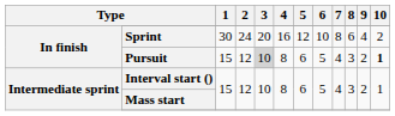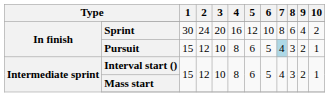 <table class="wikitable plainrowheaders" style="text-align: center">
 <tr>
 <th scope="col" colspan="2">Type</th>
 <th scope="col">1</th>
 <th scope="col">2</th>
 <th scope="col">3</th>
 <th scope="col">4</th>
 <th scope="col">5</th>
 <th scope="col">6</th>
 <th scope="col">7</th>
 <th scope="col">8</th>
 <th scope="col">9</th>
 <th scope="col">10</th>
 </tr>
 <tr>
 <th scope="row" rowspan=3>In finish</th>
 </tr>
 <tr>
 <th scope="row" style="text-align:left;">Sprint</th>
 <td>30</td>
 <td>24</td>
 <td>20</td>
 <td>16</td>
 <td>12</td>
 <td>10</td>
 <td>8</td>
 <td>6</td>
 <td>4</td>
 <td>2</td>
 </tr>
 <tr>
 <th scope="row" style="text-align:left;">Pursuit</th>
 <td>15</td>
 <td>12</td>
-<td style="background: lightgrey;">10</td>
+<td>10</td>
 <td>8</td>
 <td>6</td>
 <td>5</td>
-<td>4</td>
+<td style="background: lightblue;">4</td>
 <td>3</td>
 <td>2</td>
-<td><strong>1</strong></td>
+<td>1</td>
 </tr>
 <tr>
 <th scope="row" rowspan=3>Intermediate sprint</th>
 <th scope="row" style="text-align:left;">Interval start ()</th>
 <td rowspan=2>15</td>
 <td rowspan=2>12</td>
 <td rowspan=2>10</td>
 <td rowspan=2>8</td>
 <td rowspan=2>6</td>
 <td rowspan=2>5</td>
 <td rowspan=2>4</td>
 <td rowspan=2>3</td>
 <td rowspan=2>2</td>
 <td rowspan=2>1</td>
 </tr>
 <tr>
 <th scope="row" style="text-align:left;">Mass start</th>
 </tr>
 <tr>
 </tr>
 </table>
